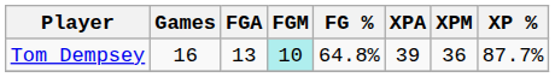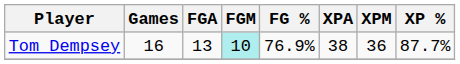 <table class="wikitable">
 <tr>
 <th>Player</th>
 <th>Games</th>
 <th>FGA</th>
 <th>FGM</th>
 <th>FG %</th>
 <th>XPA</th>
 <th>XPM</th>
 <th>XP %</th>
 </tr>
 <tr align="center">
 <td><a href='#'>Tom Dempsey</a></td>
 <td>16</td>
 <td>13</td>
 <td style="background: paleturquoise;">10</td>
-<td>64.8%</td>
-<td>39</td>
+<td>76.9%</td>
+<td>38</td>
 <td>36</td>
 <td>87.7%</td>
 </tr>
 <tr align="center">
 </tr>
 </table>
